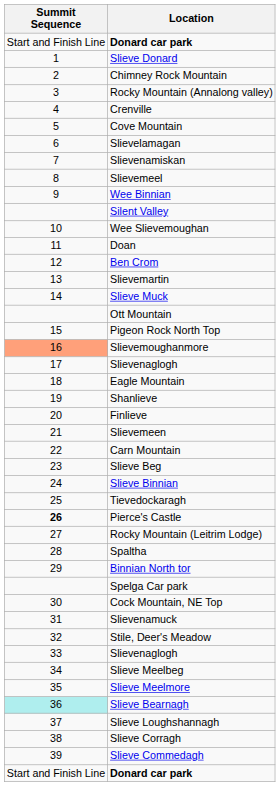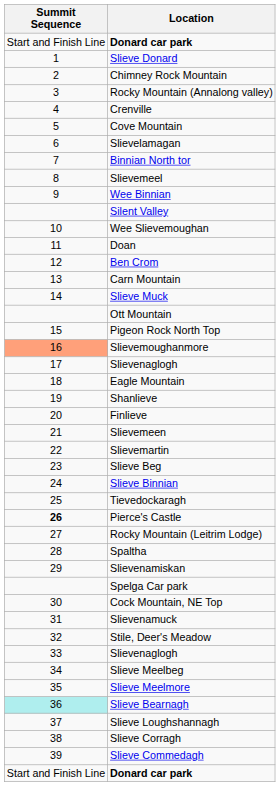 <table class="wikitable">
 <tr>
 <th>Summit<br> Sequence</th>
 <th>Location</th>
 </tr>
 <tr>
 <td align="center">Start and Finish Line</td>
 <td align="left"><strong>Donard car park</strong></td>
 </tr>
 <tr>
 <td align="center">1</td>
 <td align="left"><a href='#'>Slieve Donard</a></td>
 </tr>
 <tr>
 <td align="center">2</td>
 <td align="left">Chimney Rock Mountain</td>
 </tr>
 <tr>
 <td align="center">3</td>
 <td align="left">Rocky Mountain (Annalong valley)</td>
 </tr>
 <tr>
 <td align="center">4</td>
 <td align="left">Crenville</td>
 </tr>
 <tr>
 <td align="center">5</td>
 <td align="left">Cove Mountain</td>
 </tr>
 <tr>
 <td align="center">6</td>
 <td align="left">Slievelamagan</td>
 </tr>
 <tr>
 <td align="center">7</td>
-<td align="left">Slievenamiskan</td>
+<td align="left"><a href='#'>Binnian North tor</a></td>
 </tr>
 <tr>
 <td align="center">8</td>
 <td align="left">Slievemeel</td>
 </tr>
 <tr>
 <td align="center">9</td>
 <td align="left"><a href='#'>Wee Binnian</a></td>
 </tr>
 <tr>
 <td align="center"></td>
 <td align="left"><a href='#'>Silent Valley</a></td>
 </tr>
 <tr>
 <td align="center">10</td>
 <td align="left">Wee Slievemoughan</td>
 </tr>
 <tr>
 <td align="center">11</td>
 <td align="left">Doan</td>
 </tr>
 <tr>
 <td align="center">12</td>
 <td align="left"><a href='#'>Ben Crom</a></td>
 </tr>
 <tr>
 <td align="center">13</td>
-<td align="left">Slievemartin</td>
+<td align="left">Carn Mountain</td>
 </tr>
 <tr>
 <td align="center">14</td>
 <td align="left"><a href='#'>Slieve Muck</a></td>
 </tr>
 <tr>
 <td align="center"></td>
 <td align="left">Ott Mountain</td>
 </tr>
 <tr>
 <td align="center">15</td>
 <td align="left">Pigeon Rock North Top</td>
 </tr>
 <tr>
 <td align="center" style="background: lightsalmon;">16</td>
 <td align="left">Slievemoughanmore</td>
 </tr>
 <tr>
 <td align="center">17</td>
 <td align="left">Slievenaglogh</td>
 </tr>
 <tr>
 <td align="center">18</td>
 <td align="left">Eagle Mountain</td>
 </tr>
 <tr>
 <td align="center">19</td>
 <td align="left">Shanlieve</td>
 </tr>
 <tr>
 <td align="center">20</td>
 <td align="left">Finlieve</td>
 </tr>
 <tr>
 <td align="center">21</td>
 <td align="left">Slievemeen</td>
 </tr>
 <tr>
 <td align="center">22</td>
-<td align="left">Carn Mountain</td>
+<td align="left">Slievemartin</td>
 </tr>
 <tr>
 <td align="center">23</td>
 <td align="left">Slieve Beg</td>
 </tr>
 <tr>
 <td align="center">24</td>
 <td align="left"><a href='#'>Slieve Binnian</a></td>
 </tr>
 <tr>
 <td align="center">25</td>
 <td align="left">Tievedockaragh</td>
 </tr>
 <tr>
 <td align="center"><strong>26</strong></td>
 <td align="left">Pierce's Castle</td>
 </tr>
 <tr>
 <td align="center">27</td>
 <td align="left">Rocky Mountain (Leitrim Lodge)</td>
 </tr>
 <tr>
 <td align="center">28</td>
 <td align="left">Spaltha</td>
 </tr>
 <tr>
 <td align="center">29</td>
-<td align="left"><a href='#'>Binnian North tor</a></td>
+<td align="left">Slievenamiskan</td>
 </tr>
 <tr>
 <td align="center"></td>
 <td align="left">Spelga Car park</td>
 </tr>
 <tr>
 <td align="center">30</td>
 <td align="left">Cock Mountain, NE Top</td>
 </tr>
 <tr>
 <td align="center">31</td>
 <td align="left">Slievenamuck</td>
 </tr>
 <tr>
 <td align="center">32</td>
 <td align="left">Stile, Deer's Meadow</td>
 </tr>
 <tr>
 <td align="center">33</td>
 <td align="left">Slievenaglogh</td>
 </tr>
 <tr>
 <td align="center">34</td>
 <td align="left">Slieve Meelbeg</td>
 </tr>
 <tr>
 <td align="center">35</td>
 <td align="left"><a href='#'>Slieve Meelmore</a></td>
 </tr>
 <tr>
 <td align="center" style="background: paleturquoise;">36</td>
 <td align="left"><a href='#'>Slieve Bearnagh</a></td>
 </tr>
 <tr>
 <td align="center">37</td>
 <td align="left">Slieve Loughshannagh</td>
 </tr>
 <tr>
 <td align="center">38</td>
 <td align="left">Slieve Corragh</td>
 </tr>
 <tr>
 <td align="center">39</td>
 <td align="left"><a href='#'>Slieve Commedagh</a></td>
 </tr>
 <tr>
 <td align="center">Start and Finish Line</td>
 <td align="left"><strong>Donard car park</strong></td>
 </tr>
 </table>
